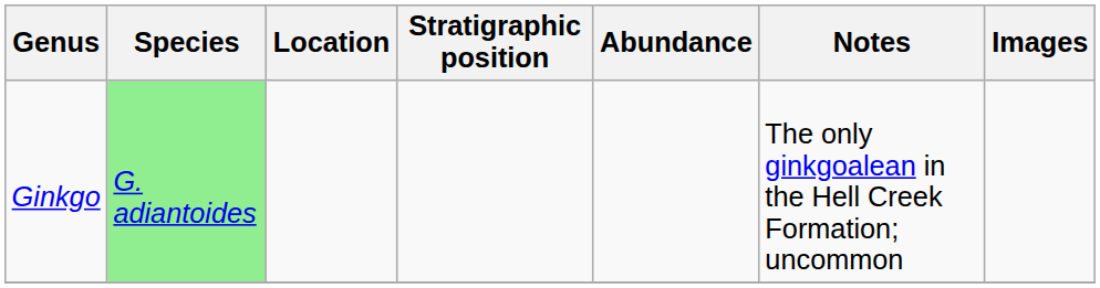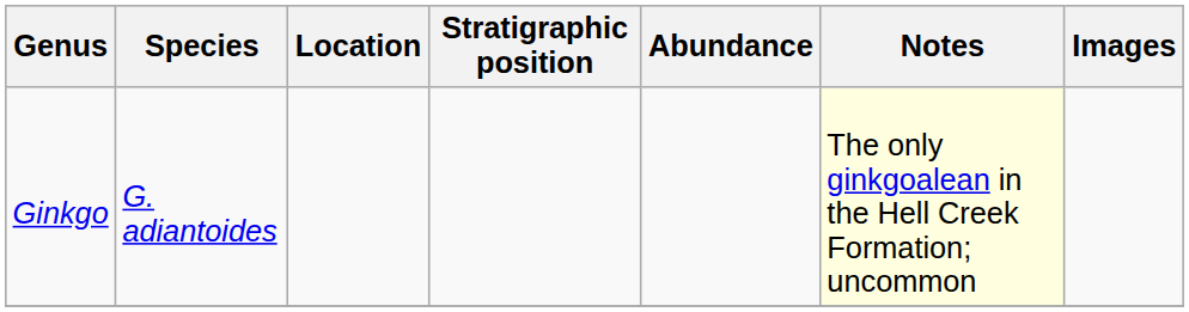 <table class="wikitable sortable"  style="margin:auto; width:100%;">
 <tr>
 <th>Genus</th>
 <th>Species</th>
 <th>Location</th>
 <th>Stratigraphic position</th>
 <th>Abundance</th>
 <th>Notes</th>
 <th>Images</th>
 </tr>
 <tr>
 <td><br><em><a href='#'>Ginkgo</a></em></td>
-<td style="background: lightgreen;"><br><em><a href='#'>G. adiantoides</a></em></td>
+<td><br><em><a href='#'>G. adiantoides</a></em></td>
 <td></td>
 <td></td>
 <td></td>
-<td><br>The only <a href='#'>ginkgoalean</a> in the Hell Creek Formation; uncommon</td>
+<td style="background: lightyellow;"><br>The only <a href='#'>ginkgoalean</a> in the Hell Creek Formation; uncommon</td>
 <td><br></td>
 </tr>
 <tr>
 </tr>
 </table>
